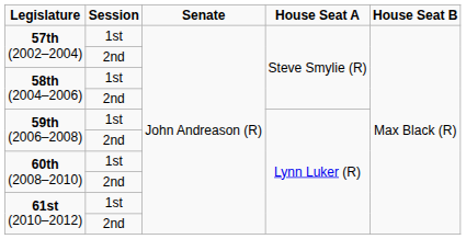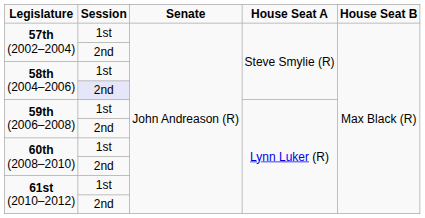 <table class=wikitable style="text-align:center">
 <tr>
 <td><strong>Legislature</strong></td>
 <td><strong>Session</strong></td>
 <td><strong>Senate</strong></td>
 <td><strong>House Seat A</strong></td>
 <td><strong>House Seat B</strong></td>
 </tr>
 <tr>
 <td rowspan="2" colspan="1" style="text-align: center;"><strong>57th</strong> <br> (2002–2004)</td>
 <td>1st</td>
 <td rowspan="10" colspan="1" style="text-align: center;" >John Andreason (R)</td>
 <td rowspan="4" colspan="1" style="text-align: center;" >Steve Smylie (R)</td>
 <td rowspan="10" colspan="1" style="text-align: center;" >Max Black (R)</td>
 </tr>
 <tr>
 <td>2nd</td>
 </tr>
 <tr>
 <td rowspan="2" colspan="1" style="text-align: center;"><strong>58th</strong> <br> (2004–2006)</td>
 <td>1st</td>
 </tr>
 <tr>
-<td>2nd</td>
+<td style="background: lavender;">2nd</td>
 </tr>
 <tr>
 <td rowspan="2" colspan="1" style="text-align: center;"><strong>59th</strong> <br> (2006–2008)</td>
 <td>1st</td>
 <td rowspan="6" colspan="1" style="text-align: center;" ><a href='#'>Lynn Luker</a> (R)</td>
 </tr>
 <tr>
 <td>2nd</td>
 </tr>
 <tr>
 <td rowspan="2" colspan="1" style="text-align: center;"><strong>60th</strong> <br> (2008–2010)</td>
 <td>1st</td>
 </tr>
 <tr>
 <td>2nd</td>
 </tr>
 <tr>
 <td rowspan="2" colspan="1" style="text-align: center;"><strong>61st</strong> <br> (2010–2012)</td>
 <td>1st</td>
 </tr>
 <tr>
 <td>2nd</td>
 </tr>
 </table>
